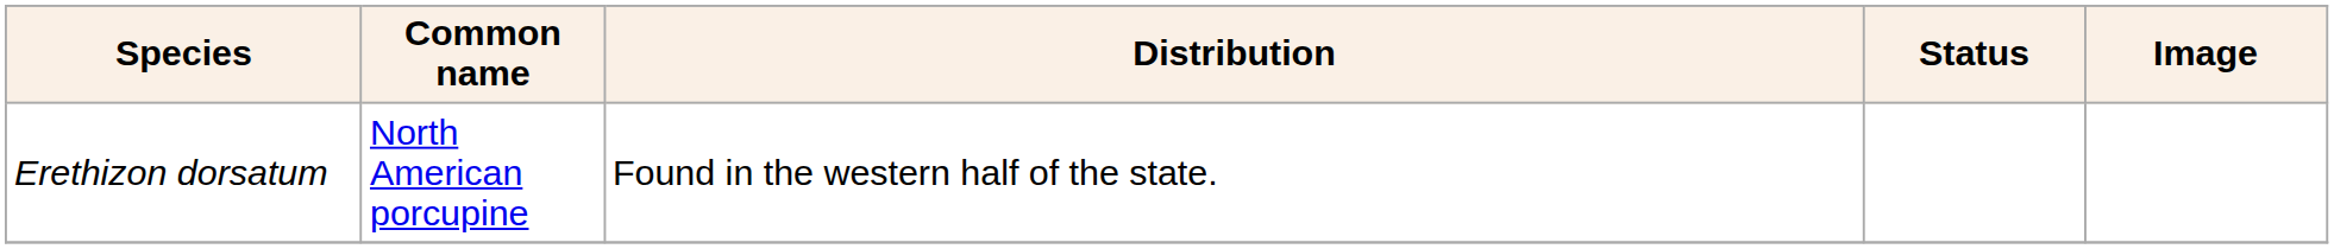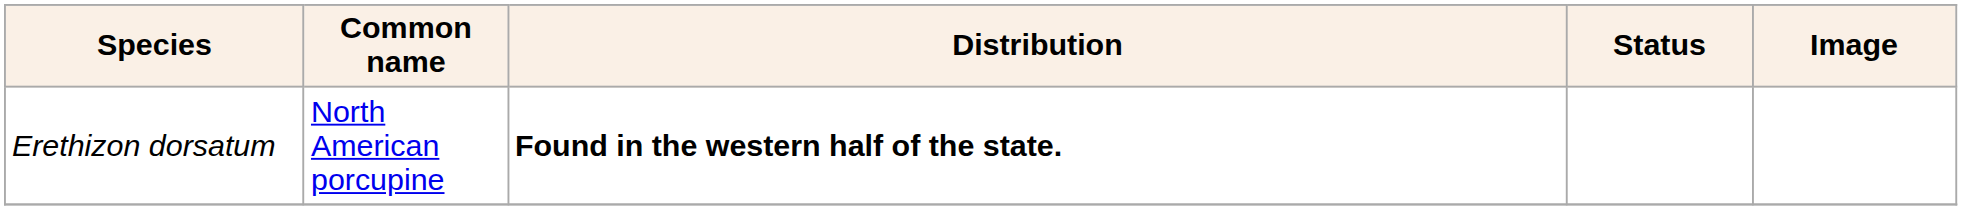 <table class="sortable wikitable plainrowheaders" border="0" style="background:#ffffff" align="top" class="sortable wikitable">
 <tr ->
 <th scope="col" style="background-color:Linen; color:Black" width=150 px>Species</th>
 <th scope="col" style="background-color:Linen; color:Black" width=100 px>Common name</th>
 <th scope="col" style="background:Linen; color:Black" width=550 px>Distribution</th>
 <th scope="col" style="background-color:Linen; color:Black" width=90 px>Status</th>
 <th scope="col" style="background:Linen; color:Black" width=100 px>Image</th>
 </tr>
 <tr>
 <td !scope="row" style="background:#ffffff"><em>Erethizon dorsatum</em></td>
 <td><a href='#'>North American porcupine</a></td>
-<td>Found in the western half of the state.</td>
+<td><strong>Found in the western half of the state.</strong></td>
 <td></td>
 <td></td>
 </tr>
 <tr>
 </tr>
 </table>
